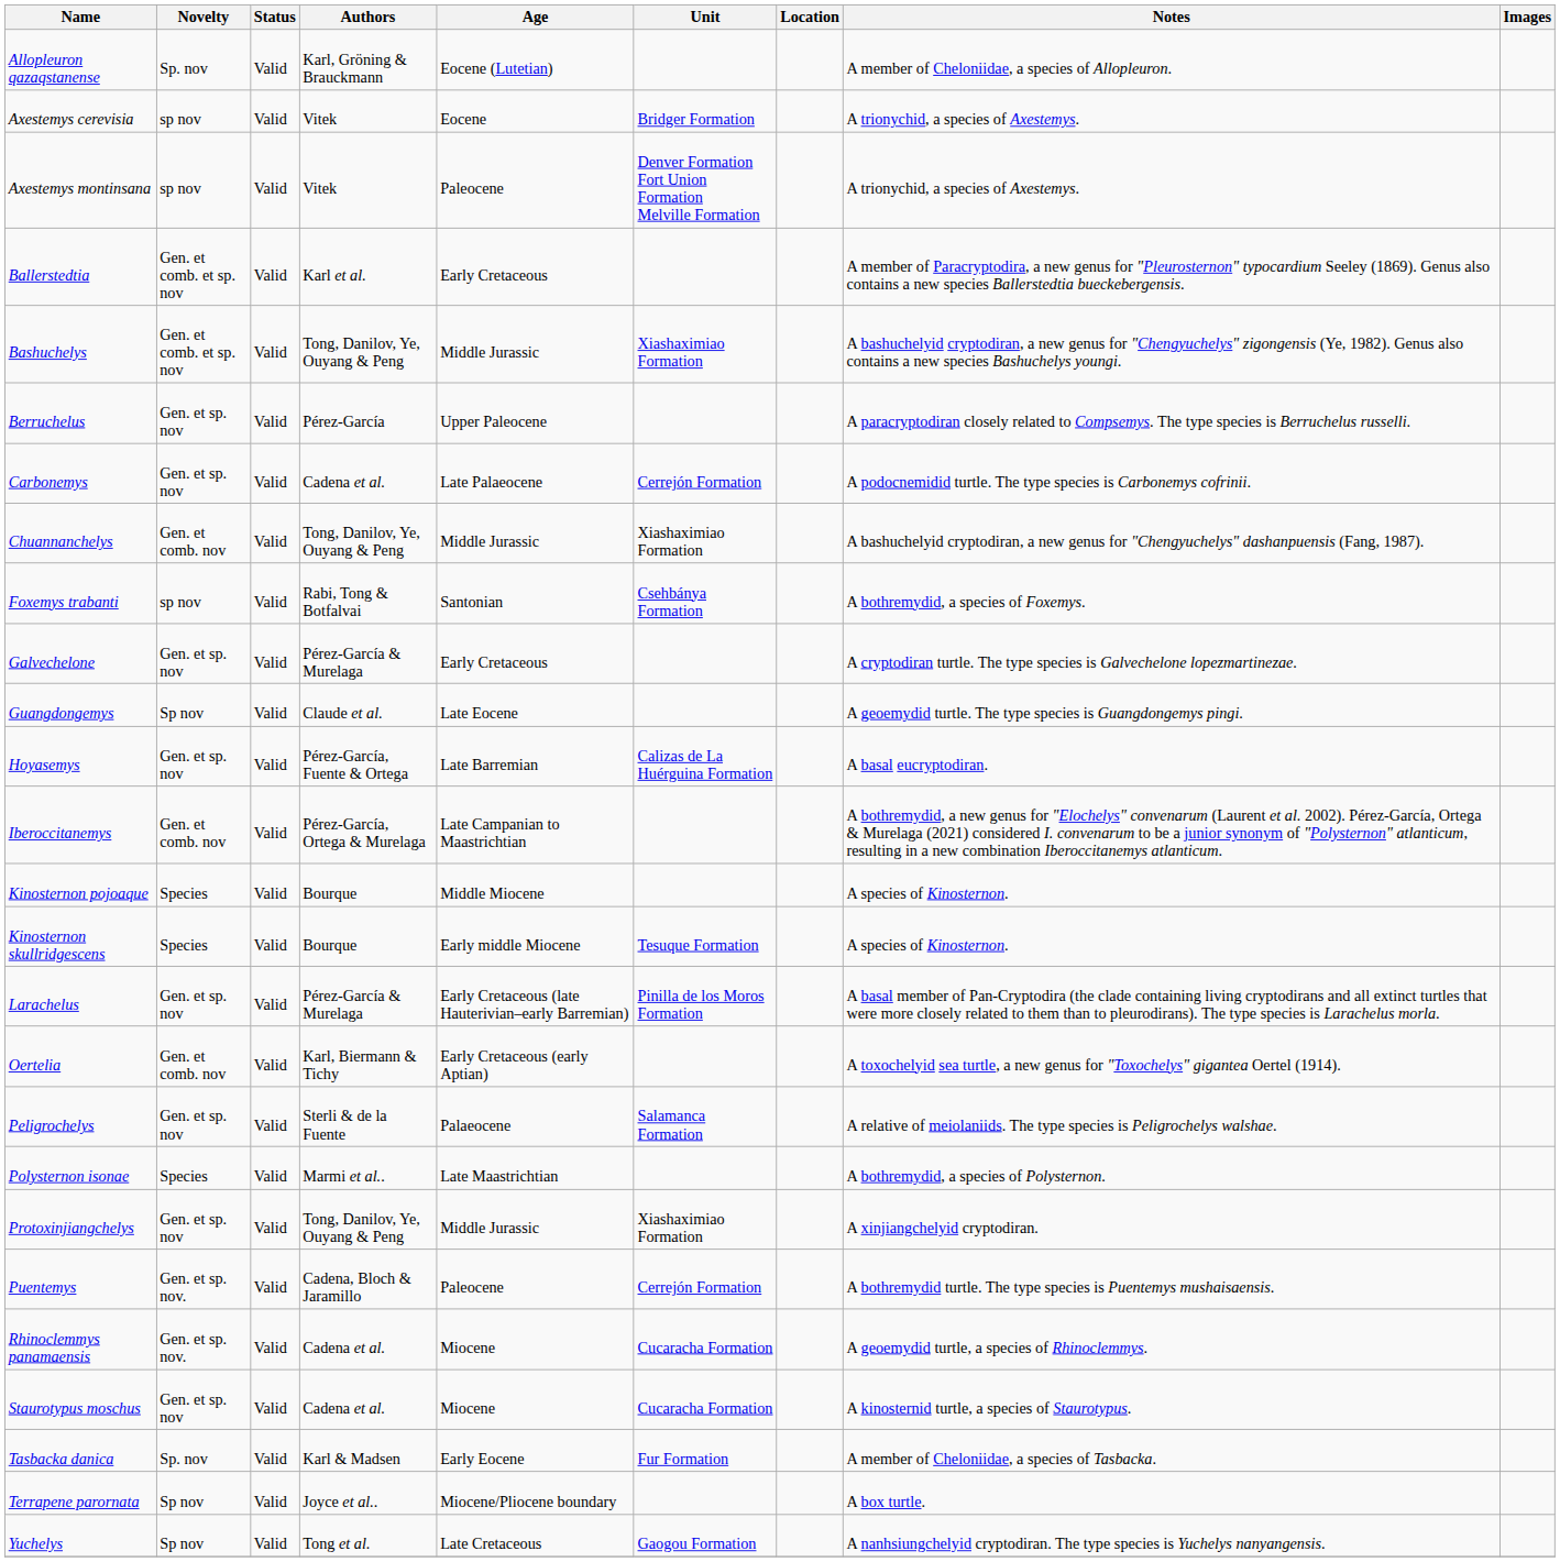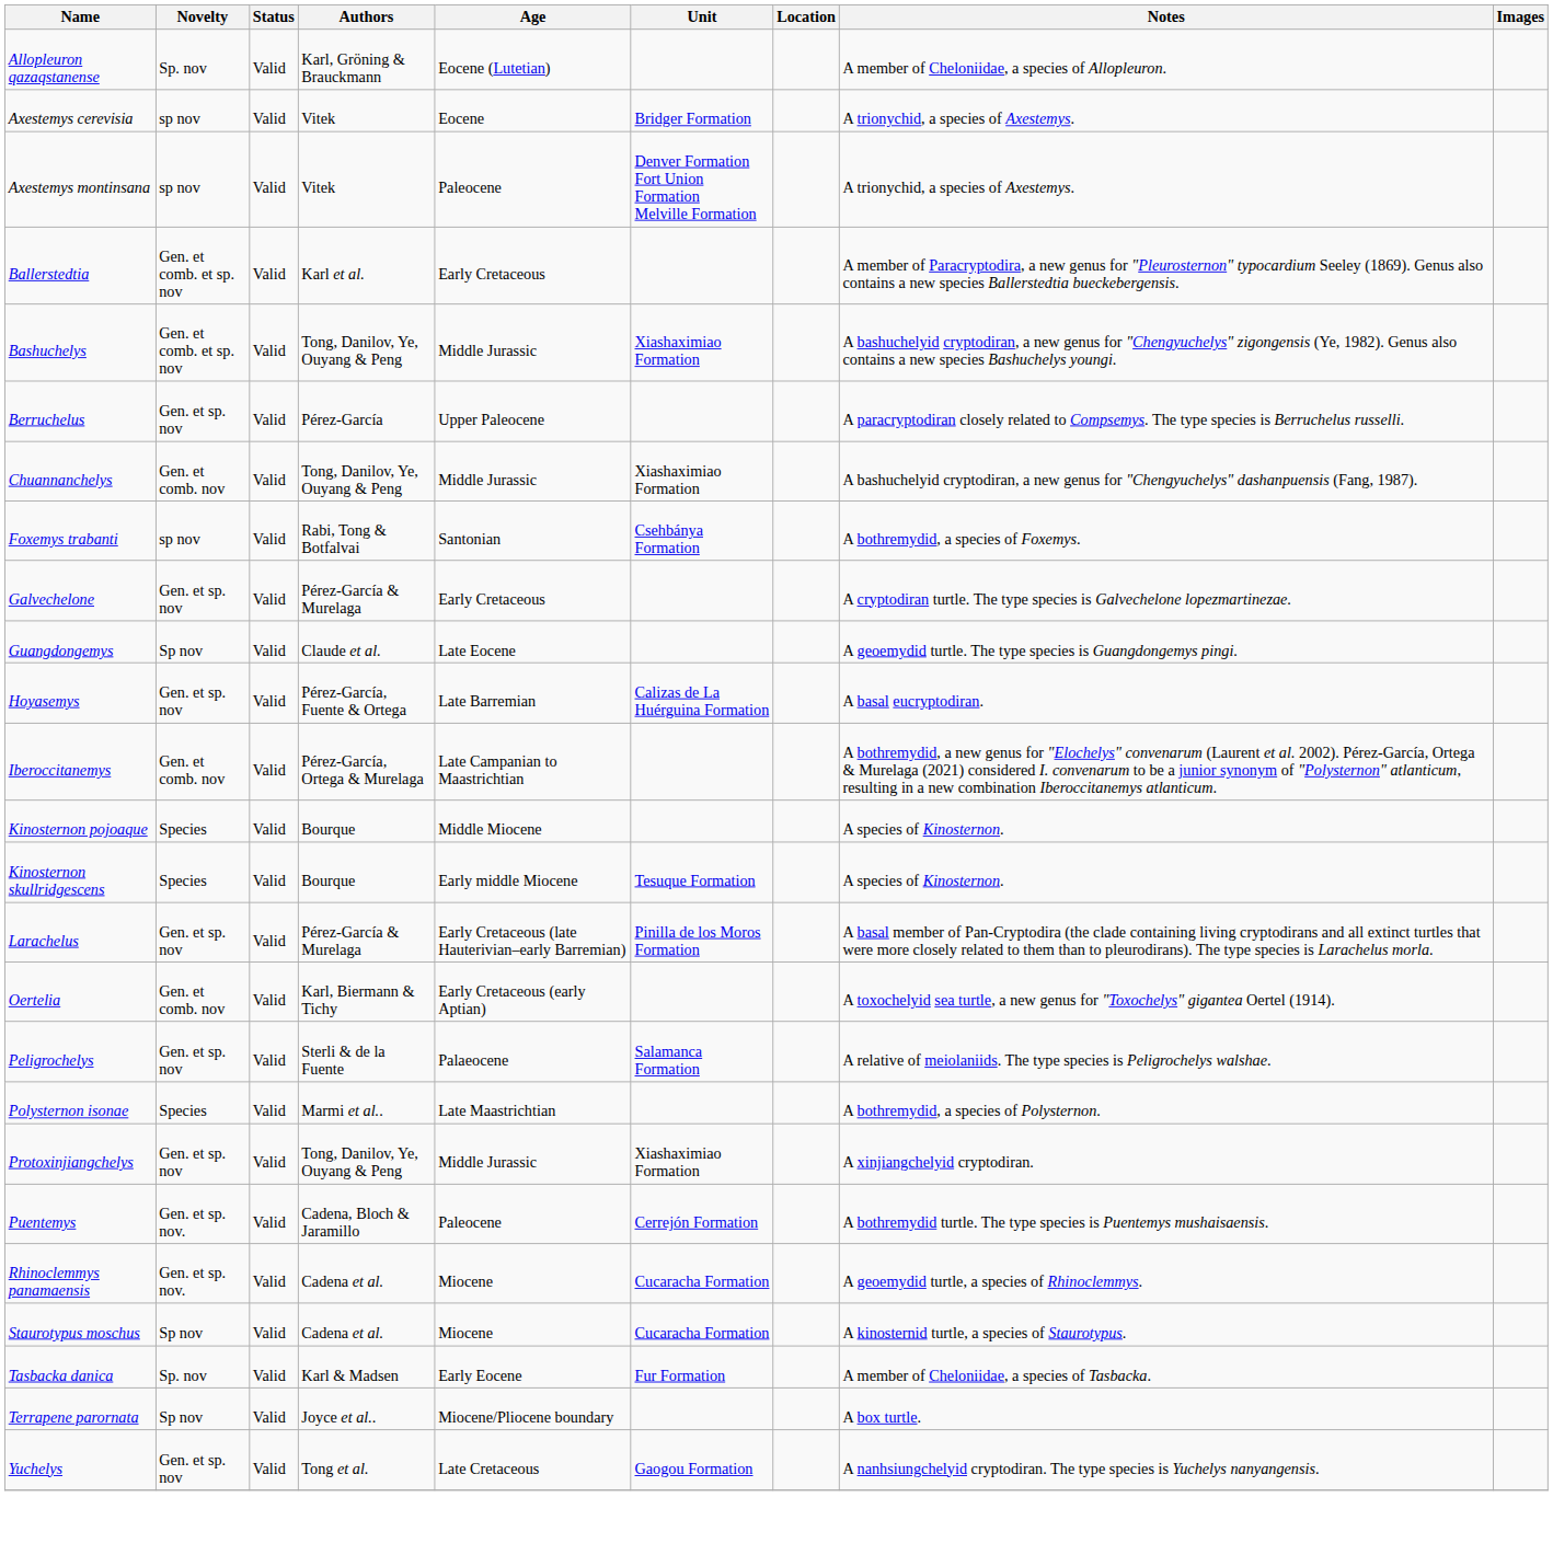 <table class="wikitable sortable" align="center" width="100%">
 <tr>
 <th>Name</th>
 <th>Novelty</th>
 <th>Status</th>
 <th>Authors</th>
 <th>Age</th>
 <th>Unit</th>
 <th>Location</th>
 <th>Notes</th>
 <th>Images</th>
 </tr>
 <tr>
 <td><br><em><a href='#'>Allopleuron qazaqstanense</a></em></td>
 <td><br>Sp. nov</td>
 <td><br>Valid</td>
 <td><br>Karl, Gröning & Brauckmann</td>
 <td><br>Eocene (<a href='#'>Lutetian</a>)</td>
 <td></td>
 <td><br></td>
 <td><br>A member of <a href='#'>Cheloniidae</a>, a species of <em>Allopleuron</em>.</td>
 <td></td>
 </tr>
 <tr>
 <td><br><em>Axestemys cerevisia</em></td>
 <td><br>sp nov</td>
 <td><br>Valid</td>
 <td><br>Vitek</td>
 <td><br>Eocene</td>
 <td><br><a href='#'>Bridger Formation</a></td>
 <td><br></td>
 <td><br>A <a href='#'>trionychid</a>, a species of <em><a href='#'>Axestemys</a></em>.</td>
 <td></td>
 </tr>
 <tr>
 <td><br><em>Axestemys montinsana</em></td>
 <td><br>sp nov</td>
 <td><br>Valid</td>
 <td><br>Vitek</td>
 <td><br>Paleocene</td>
 <td><br><a href='#'>Denver Formation</a><br> <a href='#'>Fort Union Formation</a><br> <a href='#'>Melville Formation</a></td>
 <td><br></td>
 <td><br>A trionychid, a species of <em>Axestemys</em>.</td>
 <td></td>
 </tr>
 <tr>
 <td><br><em><a href='#'>Ballerstedtia</a></em></td>
 <td><br>Gen. et comb. et sp. nov</td>
 <td><br>Valid</td>
 <td><br>Karl <em>et al.</em></td>
 <td><br>Early Cretaceous</td>
 <td></td>
 <td><br><br> </td>
 <td><br>A member of <a href='#'>Paracryptodira</a>, a new genus for <em>"<a href='#'>Pleurosternon</a>" typocardium</em> Seeley (1869). Genus also contains a new species <em>Ballerstedtia bueckebergensis</em>.</td>
 <td></td>
 </tr>
 <tr>
 <td><br><em><a href='#'>Bashuchelys</a></em></td>
 <td><br>Gen. et comb. et sp. nov</td>
 <td><br>Valid</td>
 <td><br>Tong, Danilov, Ye, Ouyang & Peng</td>
 <td><br>Middle Jurassic</td>
 <td><br><a href='#'>Xiashaximiao Formation</a></td>
 <td><br></td>
 <td><br>A <a href='#'>bashuchelyid</a> <a href='#'>cryptodiran</a>, a new genus for <em>"<a href='#'>Chengyuchelys</a>" zigongensis</em> (Ye, 1982). Genus also contains a new species <em>Bashuchelys youngi</em>.</td>
 <td></td>
 </tr>
 <tr>
 <td><br><em><a href='#'>Berruchelus</a></em></td>
 <td><br>Gen. et sp. nov</td>
 <td><br>Valid</td>
 <td><br>Pérez-García</td>
 <td><br>Upper Paleocene</td>
 <td></td>
 <td><br></td>
 <td><br>A <a href='#'>paracryptodiran</a> closely related to <em><a href='#'>Compsemys</a></em>. The type species is <em>Berruchelus russelli</em>.</td>
-<td></td>
-</tr>
-<tr>
-<td><br><em><a href='#'>Carbonemys</a></em></td>
-<td><br>Gen. et sp. nov</td>
-<td><br>Valid</td>
-<td><br>Cadena <em>et al.</em></td>
-<td><br>Late Palaeocene</td>
-<td><br><a href='#'>Cerrejón Formation</a></td>
-<td><br></td>
-<td><br>A <a href='#'>podocnemidid</a> turtle. The type species is <em>Carbonemys cofrinii</em>.</td>
 <td></td>
 </tr>
 <tr>
 <td><br><em><a href='#'>Chuannanchelys</a></em></td>
 <td><br>Gen. et comb. nov</td>
 <td><br>Valid</td>
 <td><br>Tong, Danilov, Ye, Ouyang & Peng</td>
 <td><br>Middle Jurassic</td>
 <td><br>Xiashaximiao Formation</td>
 <td><br></td>
 <td><br>A bashuchelyid cryptodiran, a new genus for <em>"Chengyuchelys" dashanpuensis</em> (Fang, 1987).</td>
 <td></td>
 </tr>
 <tr>
 <td><br><em><a href='#'>Foxemys trabanti</a></em></td>
 <td><br>sp nov</td>
 <td><br>Valid</td>
 <td><br>Rabi, Tong & Botfalvai</td>
 <td><br>Santonian</td>
 <td><br><a href='#'>Csehbánya Formation</a></td>
 <td><br></td>
 <td><br>A <a href='#'>bothremydid</a>, a species of <em>Foxemys</em>.</td>
 <td></td>
 </tr>
 <tr>
 <td><br><em><a href='#'>Galvechelone</a></em></td>
 <td><br>Gen. et sp. nov</td>
 <td><br>Valid</td>
 <td><br>Pérez-García & Murelaga</td>
 <td><br>Early Cretaceous</td>
 <td></td>
 <td><br></td>
 <td><br>A <a href='#'>cryptodiran</a> turtle. The type species is <em>Galvechelone lopezmartinezae</em>.</td>
 <td></td>
 </tr>
 <tr>
 <td><br><em><a href='#'>Guangdongemys</a></em></td>
 <td><br>Sp nov</td>
 <td><br>Valid</td>
 <td><br>Claude <em>et al.</em></td>
 <td><br>Late Eocene</td>
 <td></td>
 <td><br></td>
 <td><br>A <a href='#'>geoemydid</a> turtle. The type species is <em>Guangdongemys pingi</em>.</td>
 <td></td>
 </tr>
 <tr>
 <td><br><em><a href='#'>Hoyasemys</a></em></td>
 <td><br>Gen. et sp. nov</td>
 <td><br>Valid</td>
 <td><br>Pérez-García, Fuente & Ortega</td>
 <td><br>Late Barremian</td>
 <td><br><a href='#'>Calizas de La Huérguina Formation</a></td>
 <td><br></td>
 <td><br>A <a href='#'>basal</a> <a href='#'>eucryptodiran</a>.</td>
 <td></td>
 </tr>
 <tr>
 <td><br><em><a href='#'>Iberoccitanemys</a></em></td>
 <td><br>Gen. et comb. nov</td>
 <td><br>Valid</td>
 <td><br>Pérez-García, Ortega & Murelaga</td>
 <td><br>Late Campanian to Maastrichtian</td>
 <td></td>
 <td><br><br> </td>
 <td><br>A <a href='#'>bothremydid</a>, a new genus for <em>"<a href='#'>Elochelys</a>" convenarum</em> (Laurent <em>et al.</em> 2002). Pérez-García, Ortega & Murelaga (2021) considered <em>I. convenarum</em> to be a <a href='#'>junior synonym</a> of <em>"<a href='#'>Polysternon</a>" atlanticum</em>, resulting in a new combination <em> Iberoccitanemys atlanticum</em>.</td>
 <td></td>
 </tr>
 <tr>
 <td><br><em><a href='#'>Kinosternon pojoaque</a></em></td>
 <td><br>Species</td>
 <td><br>Valid</td>
 <td><br>Bourque</td>
 <td><br>Middle Miocene</td>
 <td></td>
 <td><br></td>
 <td><br>A species of <em><a href='#'>Kinosternon</a></em>.</td>
 <td></td>
 </tr>
 <tr>
 <td><br><em><a href='#'>Kinosternon skullridgescens</a></em></td>
 <td><br>Species</td>
 <td><br>Valid</td>
 <td><br>Bourque</td>
 <td><br>Early middle Miocene</td>
 <td><br><a href='#'>Tesuque Formation</a></td>
 <td><br></td>
 <td><br>A species of <em><a href='#'>Kinosternon</a></em>.</td>
 <td></td>
 </tr>
 <tr>
 <td><br><em><a href='#'>Larachelus</a></em></td>
 <td><br>Gen. et sp. nov</td>
 <td><br>Valid</td>
 <td><br>Pérez-García & Murelaga</td>
 <td><br>Early Cretaceous (late Hauterivian–early Barremian)</td>
 <td><br><a href='#'>Pinilla de los Moros Formation</a></td>
 <td><br></td>
 <td><br>A <a href='#'>basal</a> member of Pan-Cryptodira (the clade containing living cryptodirans and all extinct turtles that were more closely related to them than to pleurodirans). The type species is <em>Larachelus morla</em>.</td>
 <td></td>
 </tr>
 <tr>
 <td><br><em><a href='#'>Oertelia</a></em></td>
 <td><br>Gen. et comb. nov</td>
 <td><br>Valid</td>
 <td><br>Karl, Biermann & Tichy</td>
 <td><br>Early Cretaceous (early Aptian)</td>
 <td></td>
 <td><br></td>
 <td><br>A <a href='#'>toxochelyid</a> <a href='#'>sea turtle</a>, a new genus for <em>"<a href='#'>Toxochelys</a>" gigantea</em> Oertel (1914).</td>
 <td></td>
 </tr>
 <tr>
 <td><br><em><a href='#'>Peligrochelys</a></em></td>
 <td><br>Gen. et sp. nov</td>
 <td><br>Valid</td>
 <td><br>Sterli & de la Fuente</td>
 <td><br>Palaeocene</td>
 <td><br><a href='#'>Salamanca Formation</a></td>
 <td><br></td>
 <td><br>A relative of <a href='#'>meiolaniids</a>. The type species is <em>Peligrochelys walshae</em>.</td>
 <td></td>
 </tr>
 <tr>
 <td><br><em><a href='#'>Polysternon isonae</a></em></td>
 <td><br>Species</td>
 <td><br>Valid</td>
 <td><br>Marmi <em>et al.</em>.</td>
 <td><br>Late Maastrichtian</td>
 <td></td>
 <td><br></td>
 <td><br>A <a href='#'>bothremydid</a>, a species of <em>Polysternon</em>.</td>
 <td></td>
 </tr>
 <tr>
 <td><br><em><a href='#'>Protoxinjiangchelys</a></em></td>
 <td><br>Gen. et sp. nov</td>
 <td><br>Valid</td>
 <td><br>Tong, Danilov, Ye, Ouyang & Peng</td>
 <td><br>Middle Jurassic</td>
 <td><br>Xiashaximiao Formation</td>
 <td><br></td>
 <td><br>A <a href='#'>xinjiangchelyid</a> cryptodiran.</td>
 <td></td>
 </tr>
 <tr>
 <td><br><em><a href='#'>Puentemys</a></em></td>
 <td><br>Gen. et sp. nov.</td>
 <td><br>Valid</td>
 <td><br>Cadena, Bloch & Jaramillo</td>
 <td><br>Paleocene</td>
 <td><br><a href='#'>Cerrejón Formation</a></td>
 <td><br></td>
 <td><br>A <a href='#'>bothremydid</a> turtle. The type species is <em>Puentemys mushaisaensis</em>.</td>
 <td></td>
 </tr>
 <tr>
 <td><br><em><a href='#'>Rhinoclemmys panamaensis</a></em></td>
 <td><br>Gen. et sp. nov.</td>
 <td><br>Valid</td>
 <td><br>Cadena <em>et al.</em></td>
 <td><br>Miocene</td>
 <td><br><a href='#'>Cucaracha Formation</a></td>
 <td><br></td>
 <td><br>A <a href='#'>geoemydid</a> turtle, a species of <em><a href='#'>Rhinoclemmys</a></em>.</td>
 <td></td>
 </tr>
 <tr>
 <td><br><em><a href='#'>Staurotypus moschus</a></em></td>
-<td><br>Gen. et sp. nov</td>
+<td><br>Sp nov</td>
 <td><br>Valid</td>
 <td><br>Cadena <em>et al.</em></td>
 <td><br>Miocene</td>
 <td><br><a href='#'>Cucaracha Formation</a></td>
 <td><br></td>
 <td><br>A <a href='#'>kinosternid</a> turtle, a species of <em><a href='#'>Staurotypus</a></em>.</td>
 <td></td>
 </tr>
 <tr>
 <td><br><em><a href='#'>Tasbacka danica</a></em></td>
 <td><br>Sp. nov</td>
 <td><br>Valid</td>
 <td><br>Karl & Madsen</td>
 <td><br>Early Eocene</td>
 <td><br><a href='#'>Fur Formation</a></td>
 <td><br></td>
 <td><br>A member of <a href='#'>Cheloniidae</a>, a species of <em>Tasbacka</em>.</td>
 <td></td>
 </tr>
 <tr>
 <td><br><em><a href='#'>Terrapene parornata</a></em></td>
 <td><br>Sp nov</td>
 <td><br>Valid</td>
 <td><br>Joyce <em>et al.</em>.</td>
 <td><br>Miocene/Pliocene boundary</td>
 <td></td>
 <td><br></td>
 <td><br>A <a href='#'>box turtle</a>.</td>
 <td></td>
 </tr>
 <tr>
 <td><br><em><a href='#'>Yuchelys</a></em></td>
-<td><br>Sp nov</td>
+<td><br>Gen. et sp. nov</td>
 <td><br>Valid</td>
 <td><br>Tong <em>et al.</em></td>
 <td><br>Late Cretaceous</td>
 <td><br><a href='#'>Gaogou Formation</a></td>
 <td><br></td>
 <td><br>A <a href='#'>nanhsiungchelyid</a> cryptodiran. The type species is <em>Yuchelys nanyangensis</em>.</td>
 <td></td>
 </tr>
 <tr>
 </tr>
 </table>
